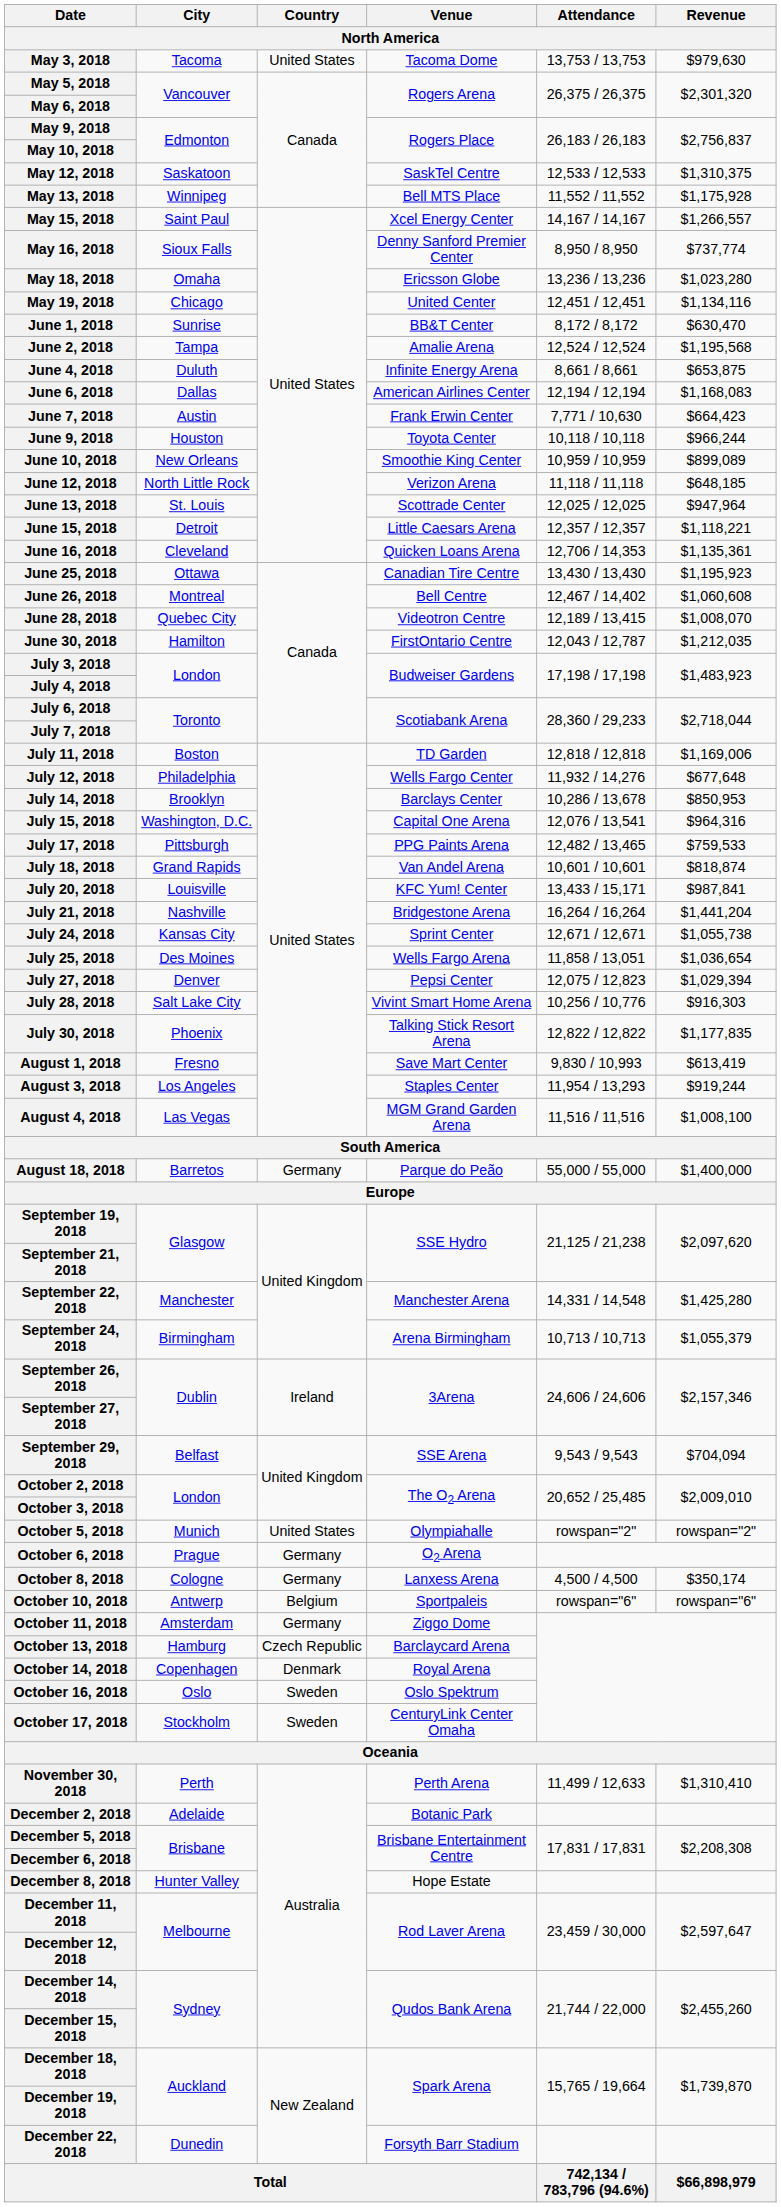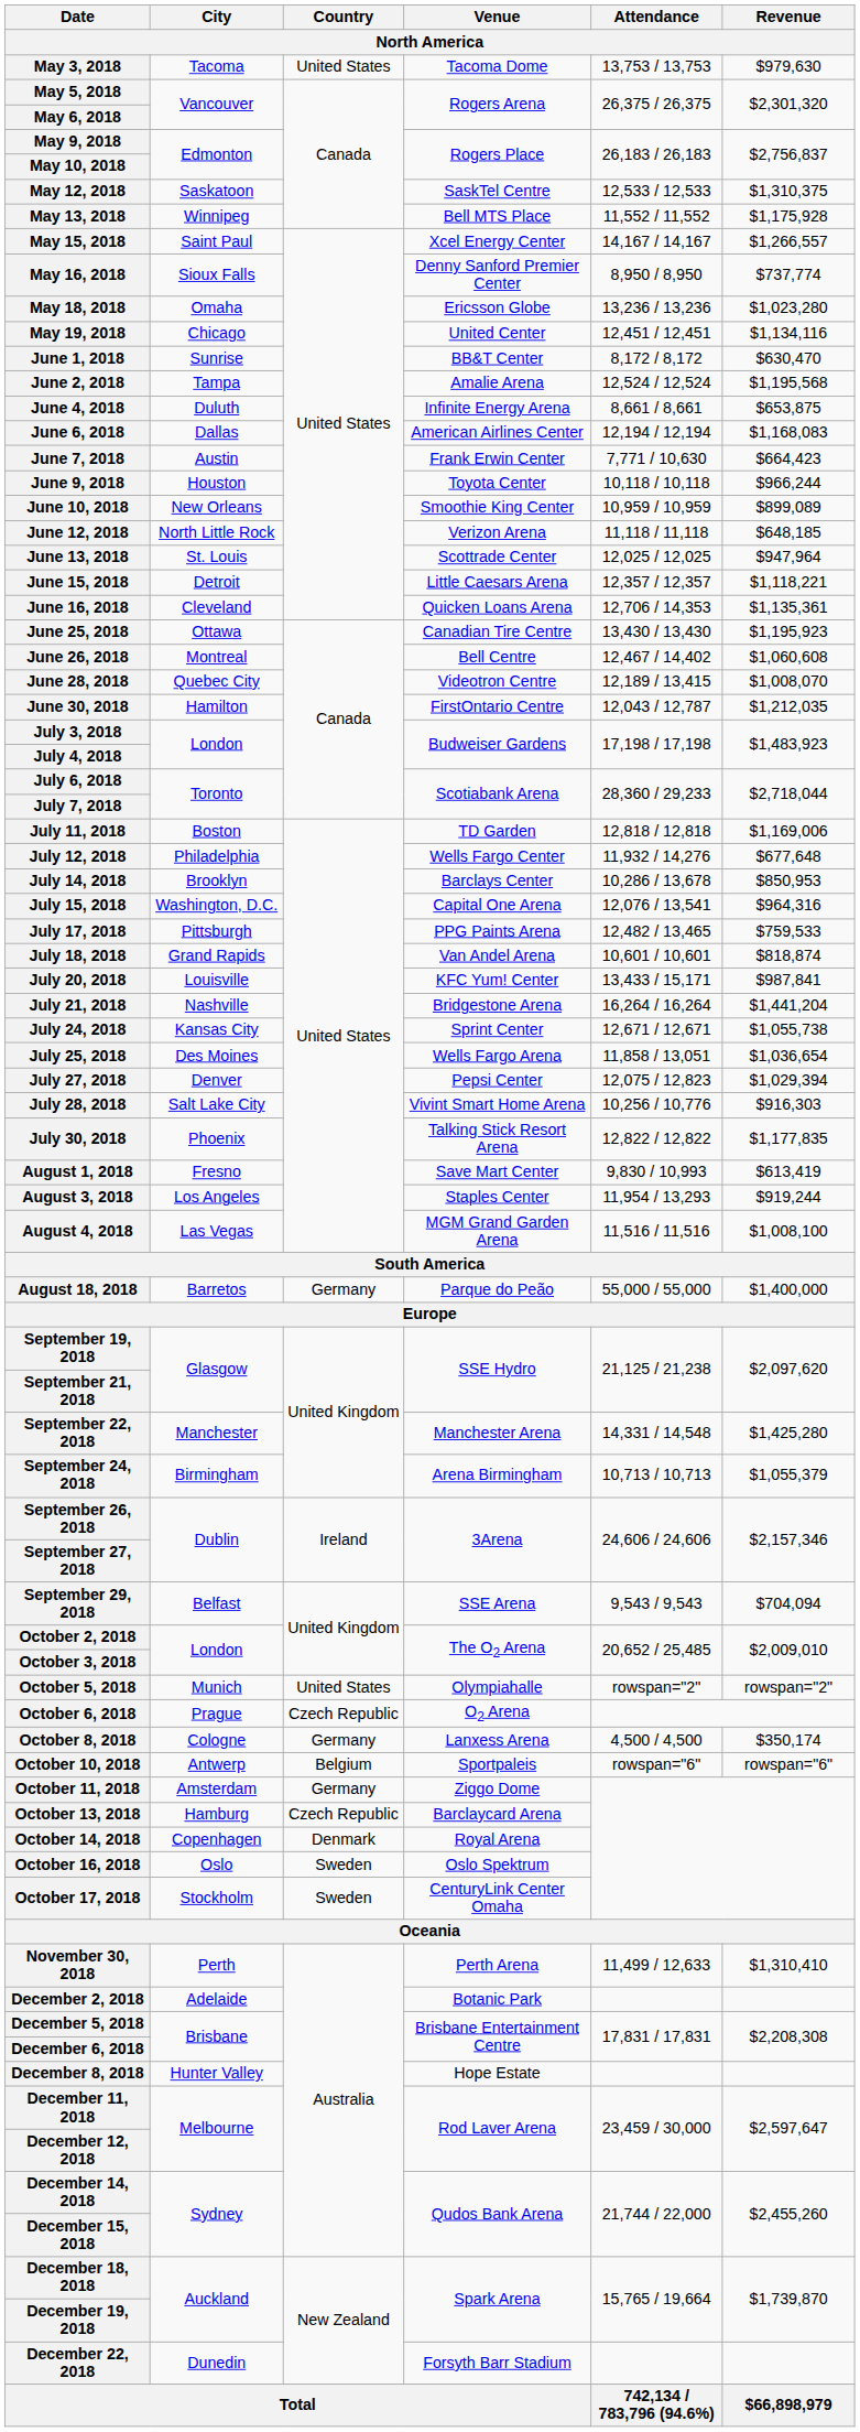 <table class="wikitable plainrowheaders" style="text-align: center;">
 <tr>
 <th scope="col" style="width:12em;">Date</th>
 <th scope="col" style="width:10em;">City</th>
 <th scope="col" style="width:10em;">Country</th>
 <th scope="col" style="width:16em;">Venue</th>
 <th scope="col" style="width:10em;">Attendance</th>
 <th scope="col" style="width:10em;">Revenue</th>
 </tr>
 <tr>
 <th colspan="6">North America</th>
 </tr>
 <tr>
 <th scope="row" style="text-align:center;">May 3, 2018</th>
 <td><a href='#'>Tacoma</a></td>
 <td>United States</td>
 <td><a href='#'>Tacoma Dome</a></td>
 <td>13,753 / 13,753</td>
 <td>$979,630</td>
 </tr>
 <tr>
 <th scope="row" style="text-align:center;">May 5, 2018</th>
 <td rowspan="2"><a href='#'>Vancouver</a></td>
 <td rowspan="6">Canada</td>
 <td rowspan="2"><a href='#'>Rogers Arena</a></td>
 <td rowspan="2">26,375 / 26,375</td>
 <td rowspan="2">$2,301,320</td>
 </tr>
 <tr>
 <th scope="row" style="text-align:center;">May 6, 2018</th>
 </tr>
 <tr>
 <th scope="row" style="text-align:center;">May 9, 2018</th>
 <td rowspan="2"><a href='#'>Edmonton</a></td>
 <td rowspan="2"><a href='#'>Rogers Place</a></td>
 <td rowspan="2">26,183 / 26,183</td>
 <td rowspan="2">$2,756,837</td>
 </tr>
 <tr>
 <th scope="row" style="text-align:center;">May 10, 2018</th>
 </tr>
 <tr>
 <th scope="row" style="text-align:center;">May 12, 2018</th>
 <td><a href='#'>Saskatoon</a></td>
 <td><a href='#'>SaskTel Centre</a></td>
 <td>12,533 / 12,533</td>
 <td>$1,310,375</td>
 </tr>
 <tr>
 <th scope="row" style="text-align:center;">May 13, 2018</th>
 <td><a href='#'>Winnipeg</a></td>
 <td><a href='#'>Bell MTS Place</a></td>
 <td>11,552 / 11,552</td>
 <td>$1,175,928</td>
 </tr>
 <tr>
 <th scope="row" style="text-align:center;">May 15, 2018</th>
 <td><a href='#'>Saint Paul</a></td>
 <td rowspan="15">United States</td>
 <td><a href='#'>Xcel Energy Center</a></td>
 <td>14,167 / 14,167</td>
 <td>$1,266,557</td>
 </tr>
 <tr>
 <th scope="row" style="text-align:center;">May 16, 2018</th>
 <td><a href='#'>Sioux Falls</a></td>
 <td><a href='#'>Denny Sanford Premier Center</a></td>
 <td>8,950 / 8,950</td>
 <td>$737,774</td>
 </tr>
 <tr>
 <th scope="row" style="text-align:center;">May 18, 2018</th>
 <td><a href='#'>Omaha</a></td>
 <td><a href='#'>Ericsson Globe</a></td>
 <td>13,236 / 13,236</td>
 <td>$1,023,280</td>
 </tr>
 <tr>
 <th scope="row" style="text-align:center;">May 19, 2018</th>
 <td><a href='#'>Chicago</a></td>
 <td><a href='#'>United Center</a></td>
 <td>12,451 / 12,451</td>
 <td>$1,134,116</td>
 </tr>
 <tr>
 <th scope="row" style="text-align:center;">June 1, 2018</th>
 <td><a href='#'>Sunrise</a></td>
 <td><a href='#'>BB&T Center</a></td>
 <td>8,172 / 8,172</td>
 <td>$630,470</td>
 </tr>
 <tr>
 <th scope="row" style="text-align:center;">June 2, 2018</th>
 <td><a href='#'>Tampa</a></td>
 <td><a href='#'>Amalie Arena</a></td>
 <td>12,524 / 12,524</td>
 <td>$1,195,568</td>
 </tr>
 <tr>
 <th scope="row" style="text-align:center;">June 4, 2018</th>
 <td><a href='#'>Duluth</a></td>
 <td><a href='#'>Infinite Energy Arena</a></td>
 <td>8,661 / 8,661</td>
 <td>$653,875</td>
 </tr>
 <tr>
 <th scope="row" style="text-align:center;">June 6, 2018</th>
 <td><a href='#'>Dallas</a></td>
 <td><a href='#'>American Airlines Center</a></td>
 <td>12,194 / 12,194</td>
 <td>$1,168,083</td>
 </tr>
 <tr>
 <th scope="row" style="text-align:center;">June 7, 2018</th>
 <td><a href='#'>Austin</a></td>
 <td><a href='#'>Frank Erwin Center</a></td>
 <td>7,771 / 10,630</td>
 <td>$664,423</td>
 </tr>
 <tr>
 <th scope="row" style="text-align:center;">June 9, 2018</th>
 <td><a href='#'>Houston</a></td>
 <td><a href='#'>Toyota Center</a></td>
 <td>10,118 / 10,118</td>
 <td>$966,244</td>
 </tr>
 <tr>
 <th scope="row" style="text-align:center;">June 10, 2018</th>
 <td><a href='#'>New Orleans</a></td>
 <td><a href='#'>Smoothie King Center</a></td>
 <td>10,959 / 10,959</td>
 <td>$899,089</td>
 </tr>
 <tr>
 <th scope="row" style="text-align:center;">June 12, 2018</th>
 <td><a href='#'>North Little Rock</a></td>
 <td><a href='#'>Verizon Arena</a></td>
 <td>11,118 / 11,118</td>
 <td>$648,185</td>
 </tr>
 <tr>
 <th scope="row" style="text-align:center;">June 13, 2018</th>
 <td><a href='#'>St. Louis</a></td>
 <td><a href='#'>Scottrade Center</a></td>
 <td>12,025 / 12,025</td>
 <td>$947,964</td>
 </tr>
 <tr>
 <th scope="row" style="text-align:center;">June 15, 2018</th>
 <td><a href='#'>Detroit</a></td>
 <td><a href='#'>Little Caesars Arena</a></td>
 <td>12,357 / 12,357</td>
 <td>$1,118,221</td>
 </tr>
 <tr>
 <th scope="row" style="text-align:center;">June 16, 2018</th>
 <td><a href='#'>Cleveland</a></td>
 <td><a href='#'>Quicken Loans Arena</a></td>
 <td>12,706 / 14,353</td>
 <td>$1,135,361</td>
 </tr>
 <tr>
 <th scope="row" style="text-align:center;">June 25, 2018</th>
 <td><a href='#'>Ottawa</a></td>
 <td rowspan="8">Canada</td>
 <td><a href='#'>Canadian Tire Centre</a></td>
 <td>13,430 / 13,430</td>
 <td>$1,195,923</td>
 </tr>
 <tr>
 <th scope="row" style="text-align:center;">June 26, 2018</th>
 <td><a href='#'>Montreal</a></td>
 <td><a href='#'>Bell Centre</a></td>
 <td>12,467 / 14,402</td>
 <td>$1,060,608</td>
 </tr>
 <tr>
 <th scope="row" style="text-align:center;">June 28, 2018</th>
 <td><a href='#'>Quebec City</a></td>
 <td><a href='#'>Videotron Centre</a></td>
 <td>12,189 / 13,415</td>
 <td>$1,008,070</td>
 </tr>
 <tr>
 <th scope="row" style="text-align:center;">June 30, 2018</th>
 <td><a href='#'>Hamilton</a></td>
 <td><a href='#'>FirstOntario Centre</a></td>
 <td>12,043 / 12,787</td>
 <td>$1,212,035</td>
 </tr>
 <tr>
 <th scope="row" style="text-align:center;">July 3, 2018</th>
 <td rowspan="2"><a href='#'>London</a></td>
 <td rowspan="2"><a href='#'>Budweiser Gardens</a></td>
 <td rowspan="2">17,198 / 17,198</td>
 <td rowspan="2">$1,483,923</td>
 </tr>
 <tr>
 <th scope="row" style="text-align:center;">July 4, 2018</th>
 </tr>
 <tr>
 <th scope="row" style="text-align:center;">July 6, 2018</th>
 <td rowspan="2"><a href='#'>Toronto</a></td>
 <td rowspan="2"><a href='#'>Scotiabank Arena</a></td>
 <td rowspan="2">28,360 / 29,233</td>
 <td rowspan="2">$2,718,044</td>
 </tr>
 <tr>
 <th scope="row" style="text-align:center;">July 7, 2018</th>
 </tr>
 <tr>
 <th scope="row" style="text-align:center;">July 11, 2018</th>
 <td><a href='#'>Boston</a></td>
 <td rowspan="16">United States</td>
 <td><a href='#'>TD Garden</a></td>
 <td>12,818 / 12,818</td>
 <td>$1,169,006</td>
 </tr>
 <tr>
 <th scope="row" style="text-align:center;">July 12, 2018</th>
 <td><a href='#'>Philadelphia</a></td>
 <td><a href='#'>Wells Fargo Center</a></td>
 <td>11,932 / 14,276</td>
 <td>$677,648</td>
 </tr>
 <tr>
 <th scope="row" style="text-align:center;">July 14, 2018</th>
 <td><a href='#'>Brooklyn</a></td>
 <td><a href='#'>Barclays Center</a></td>
 <td>10,286 / 13,678</td>
 <td>$850,953</td>
 </tr>
 <tr>
 <th scope="row" style="text-align:center;">July 15, 2018</th>
 <td><a href='#'>Washington, D.C.</a></td>
 <td><a href='#'>Capital One Arena</a></td>
 <td>12,076 / 13,541</td>
 <td>$964,316</td>
 </tr>
 <tr>
 <th scope="row" style="text-align:center;">July 17, 2018</th>
 <td><a href='#'>Pittsburgh</a></td>
 <td><a href='#'>PPG Paints Arena</a></td>
 <td>12,482 / 13,465</td>
 <td>$759,533</td>
 </tr>
 <tr>
 <th scope="row" style="text-align:center;">July 18, 2018</th>
 <td><a href='#'>Grand Rapids</a></td>
 <td><a href='#'>Van Andel Arena</a></td>
 <td>10,601 / 10,601</td>
 <td>$818,874</td>
 </tr>
 <tr>
 <th scope="row" style="text-align:center;">July 20, 2018</th>
 <td><a href='#'>Louisville</a></td>
 <td><a href='#'>KFC Yum! Center</a></td>
 <td>13,433 / 15,171</td>
 <td>$987,841</td>
 </tr>
 <tr>
 <th scope="row" style="text-align:center;">July 21, 2018</th>
 <td><a href='#'>Nashville</a></td>
 <td><a href='#'>Bridgestone Arena</a></td>
 <td>16,264 / 16,264</td>
 <td>$1,441,204</td>
 </tr>
 <tr>
 <th scope="row" style="text-align:center;">July 24, 2018</th>
 <td><a href='#'>Kansas City</a></td>
 <td><a href='#'>Sprint Center</a></td>
 <td>12,671 / 12,671</td>
 <td>$1,055,738</td>
 </tr>
 <tr>
 <th scope="row" style="text-align:center;">July 25, 2018</th>
 <td><a href='#'>Des Moines</a></td>
 <td><a href='#'>Wells Fargo Arena</a></td>
 <td>11,858 / 13,051</td>
 <td>$1,036,654</td>
 </tr>
 <tr>
 <th scope="row" style="text-align:center;">July 27, 2018</th>
 <td><a href='#'>Denver</a></td>
 <td><a href='#'>Pepsi Center</a></td>
 <td>12,075 / 12,823</td>
 <td>$1,029,394</td>
 </tr>
 <tr>
 <th scope="row" style="text-align:center;">July 28, 2018</th>
 <td><a href='#'>Salt Lake City</a></td>
 <td><a href='#'>Vivint Smart Home Arena</a></td>
 <td>10,256 / 10,776</td>
 <td>$916,303</td>
 </tr>
 <tr>
 <th scope="row" style="text-align:center;">July 30, 2018</th>
 <td><a href='#'>Phoenix</a></td>
 <td><a href='#'>Talking Stick Resort Arena</a></td>
 <td>12,822 / 12,822</td>
 <td>$1,177,835</td>
 </tr>
 <tr>
 <th scope="row" style="text-align:center;">August 1, 2018</th>
 <td><a href='#'>Fresno</a></td>
 <td><a href='#'>Save Mart Center</a></td>
 <td>9,830 / 10,993</td>
 <td>$613,419</td>
 </tr>
 <tr>
 <th scope="row" style="text-align:center;">August 3, 2018</th>
 <td><a href='#'>Los Angeles</a></td>
 <td><a href='#'>Staples Center</a></td>
 <td>11,954 / 13,293</td>
 <td>$919,244</td>
 </tr>
 <tr>
 <th scope="row" style="text-align:center;">August 4, 2018</th>
 <td><a href='#'>Las Vegas</a></td>
 <td><a href='#'>MGM Grand Garden Arena</a></td>
 <td>11,516 / 11,516</td>
 <td>$1,008,100</td>
 </tr>
 <tr>
 <th colspan="6">South America</th>
 </tr>
 <tr>
 <th scope="row" style="text-align:center;">August 18, 2018</th>
 <td><a href='#'>Barretos</a></td>
 <td>Germany</td>
 <td><a href='#'>Parque do Peão</a></td>
 <td>55,000 / 55,000</td>
 <td>$1,400,000</td>
 </tr>
 <tr>
 <th colspan="6">Europe</th>
 </tr>
 <tr>
 <th scope="row" style="text-align:center;">September 19, 2018</th>
 <td rowspan="2"><a href='#'>Glasgow</a></td>
 <td rowspan="4">United Kingdom</td>
 <td rowspan="2"><a href='#'>SSE Hydro</a></td>
 <td rowspan="2">21,125 / 21,238</td>
 <td rowspan="2">$2,097,620</td>
 </tr>
 <tr>
 <th scope="row" style="text-align:center;">September 21, 2018</th>
 </tr>
 <tr>
 <th scope="row" style="text-align:center;">September 22, 2018</th>
 <td><a href='#'>Manchester</a></td>
 <td><a href='#'>Manchester Arena</a></td>
 <td>14,331 / 14,548</td>
 <td>$1,425,280</td>
 </tr>
 <tr>
 <th scope="row" style="text-align:center;">September 24, 2018</th>
 <td><a href='#'>Birmingham</a></td>
 <td><a href='#'>Arena Birmingham</a></td>
 <td>10,713 / 10,713</td>
 <td>$1,055,379</td>
 </tr>
 <tr>
 <th scope="row" style="text-align:center;">September 26, 2018</th>
 <td rowspan="2"><a href='#'>Dublin</a></td>
 <td rowspan="2">Ireland</td>
 <td rowspan="2"><a href='#'>3Arena</a></td>
 <td rowspan="2">24,606 / 24,606</td>
 <td rowspan="2">$2,157,346</td>
 </tr>
 <tr>
 <th scope="row" style="text-align:center;">September 27, 2018</th>
 </tr>
 <tr>
 <th scope="row" style="text-align:center;">September 29, 2018</th>
 <td><a href='#'>Belfast</a></td>
 <td rowspan="3">United Kingdom</td>
 <td><a href='#'>SSE Arena</a></td>
 <td>9,543 / 9,543</td>
 <td>$704,094</td>
 </tr>
 <tr>
 <th scope="row" style="text-align:center;">October 2, 2018</th>
 <td rowspan="2"><a href='#'>London</a></td>
 <td rowspan="2"><a href='#'>The O<sub>2</sub> Arena</a></td>
 <td rowspan="2">20,652 / 25,485</td>
 <td rowspan="2">$2,009,010</td>
 </tr>
 <tr>
 <th scope="row" style="text-align:center;">October 3, 2018</th>
 </tr>
 <tr>
 <th scope="row" style="text-align:center;">October 5, 2018</th>
 <td><a href='#'>Munich</a></td>
 <td>United States</td>
 <td><a href='#'>Olympiahalle</a></td>
 <td>rowspan="2" </td>
 <td>rowspan="2" </td>
 </tr>
 <tr>
 <th scope="row" style="text-align:center;">October 6, 2018</th>
 <td><a href='#'>Prague</a></td>
-<td>Germany</td>
+<td>Czech Republic</td>
 <td><a href='#'>O<sub>2</sub> Arena</a></td>
 </tr>
 <tr>
 <th scope="row" style="text-align:center;">October 8, 2018</th>
 <td><a href='#'>Cologne</a></td>
 <td>Germany</td>
 <td><a href='#'>Lanxess Arena</a></td>
 <td>4,500 / 4,500</td>
 <td>$350,174</td>
 </tr>
 <tr>
 <th scope="row" style="text-align:center;">October 10, 2018</th>
 <td><a href='#'>Antwerp</a></td>
 <td>Belgium</td>
 <td><a href='#'>Sportpaleis</a></td>
 <td>rowspan="6" </td>
 <td>rowspan="6" </td>
 </tr>
 <tr>
 <th scope="row" style="text-align:center;">October 11, 2018</th>
 <td><a href='#'>Amsterdam</a></td>
 <td>Germany</td>
 <td><a href='#'>Ziggo Dome</a></td>
 </tr>
 <tr>
 <th scope="row" style="text-align:center;">October 13, 2018</th>
 <td><a href='#'>Hamburg</a></td>
 <td>Czech Republic</td>
 <td><a href='#'>Barclaycard Arena</a></td>
 </tr>
 <tr>
 <th scope="row" style="text-align:center;">October 14, 2018</th>
 <td><a href='#'>Copenhagen</a></td>
 <td>Denmark</td>
 <td><a href='#'>Royal Arena</a></td>
 </tr>
 <tr>
 <th scope="row" style="text-align:center;">October 16, 2018</th>
 <td><a href='#'>Oslo</a></td>
 <td>Sweden</td>
 <td><a href='#'>Oslo Spektrum</a></td>
 </tr>
 <tr>
 <th scope="row" style="text-align:center;">October 17, 2018</th>
 <td><a href='#'>Stockholm</a></td>
 <td>Sweden</td>
 <td><a href='#'>CenturyLink Center Omaha</a></td>
 </tr>
 <tr>
 <th colspan="6">Oceania</th>
 </tr>
 <tr>
 <th scope="row" style="text-align:center;">November 30, 2018</th>
 <td><a href='#'>Perth</a></td>
 <td rowspan="9">Australia</td>
 <td><a href='#'>Perth Arena</a></td>
 <td>11,499 / 12,633</td>
 <td>$1,310,410</td>
 </tr>
 <tr>
 <th scope="row" style="text-align:center;">December 2, 2018</th>
 <td><a href='#'>Adelaide</a></td>
 <td><a href='#'>Botanic Park</a></td>
 <td></td>
 <td></td>
 </tr>
 <tr>
 <th scope="row" style="text-align:center;">December 5, 2018</th>
 <td rowspan="2"><a href='#'>Brisbane</a></td>
 <td rowspan="2"><a href='#'>Brisbane Entertainment Centre</a></td>
 <td rowspan="2">17,831 / 17,831</td>
 <td rowspan="2">$2,208,308</td>
 </tr>
 <tr>
 <th scope="row" style="text-align:center;">December 6, 2018</th>
 </tr>
 <tr>
 <th scope="row" style="text-align:center;">December 8, 2018</th>
 <td><a href='#'>Hunter Valley</a></td>
 <td>Hope Estate</td>
 <td></td>
 <td></td>
 </tr>
 <tr>
 <th scope="row" style="text-align:center;">December 11, 2018</th>
 <td rowspan="2"><a href='#'>Melbourne</a></td>
 <td rowspan="2"><a href='#'>Rod Laver Arena</a></td>
 <td rowspan="2">23,459 / 30,000</td>
 <td rowspan="2">$2,597,647</td>
 </tr>
 <tr>
 <th scope="row" style="text-align:center;">December 12, 2018</th>
 </tr>
 <tr>
 <th scope="row" style="text-align:center;">December 14, 2018</th>
 <td rowspan="2"><a href='#'>Sydney</a></td>
 <td rowspan="2"><a href='#'>Qudos Bank Arena</a></td>
 <td rowspan="2">21,744 / 22,000</td>
 <td rowspan="2">$2,455,260</td>
 </tr>
 <tr>
 <th scope="row" style="text-align:center;">December 15, 2018</th>
 </tr>
 <tr>
 <th scope="row" style="text-align:center;">December 18, 2018</th>
 <td rowspan="2"><a href='#'>Auckland</a></td>
 <td rowspan="3">New Zealand</td>
 <td rowspan="2"><a href='#'>Spark Arena</a></td>
 <td rowspan="2">15,765 / 19,664</td>
 <td rowspan="2">$1,739,870</td>
 </tr>
 <tr>
 <th scope="row" style="text-align:center;">December 19, 2018</th>
 </tr>
 <tr>
 <th scope="row" style="text-align:center;">December 22, 2018</th>
 <td><a href='#'>Dunedin</a></td>
 <td><a href='#'>Forsyth Barr Stadium</a></td>
 <td></td>
 <td></td>
 </tr>
 <tr>
 <th colspan="4">Total</th>
 <th>742,134 / 783,796 (94.6%)</th>
 <th>$66,898,979</th>
 </tr>
 </table>
